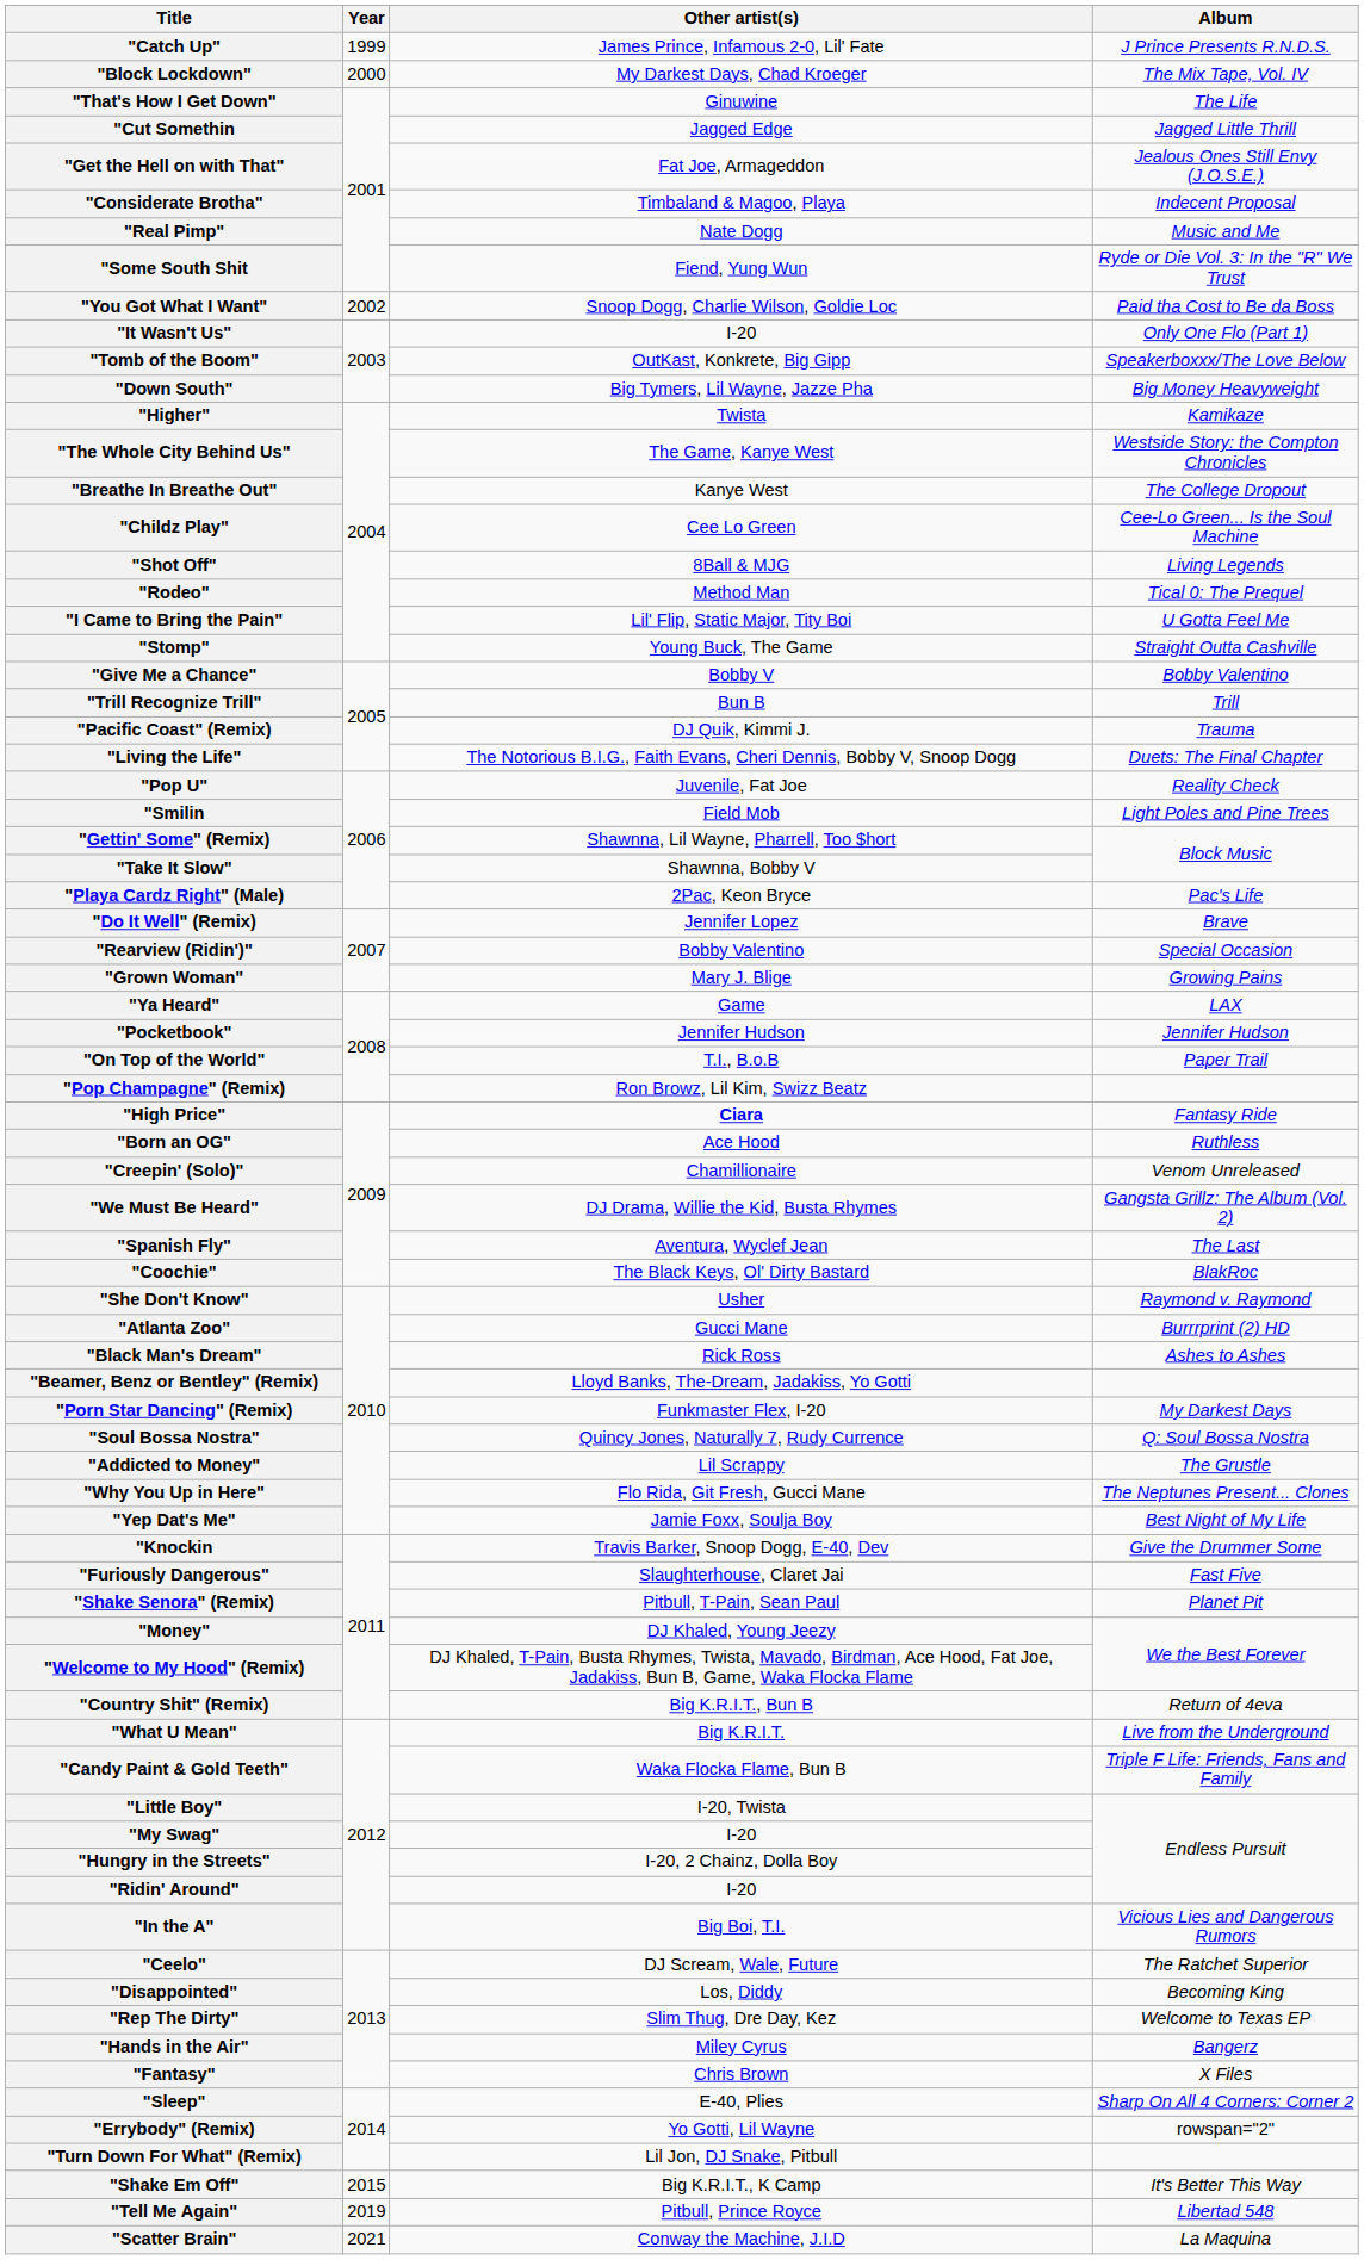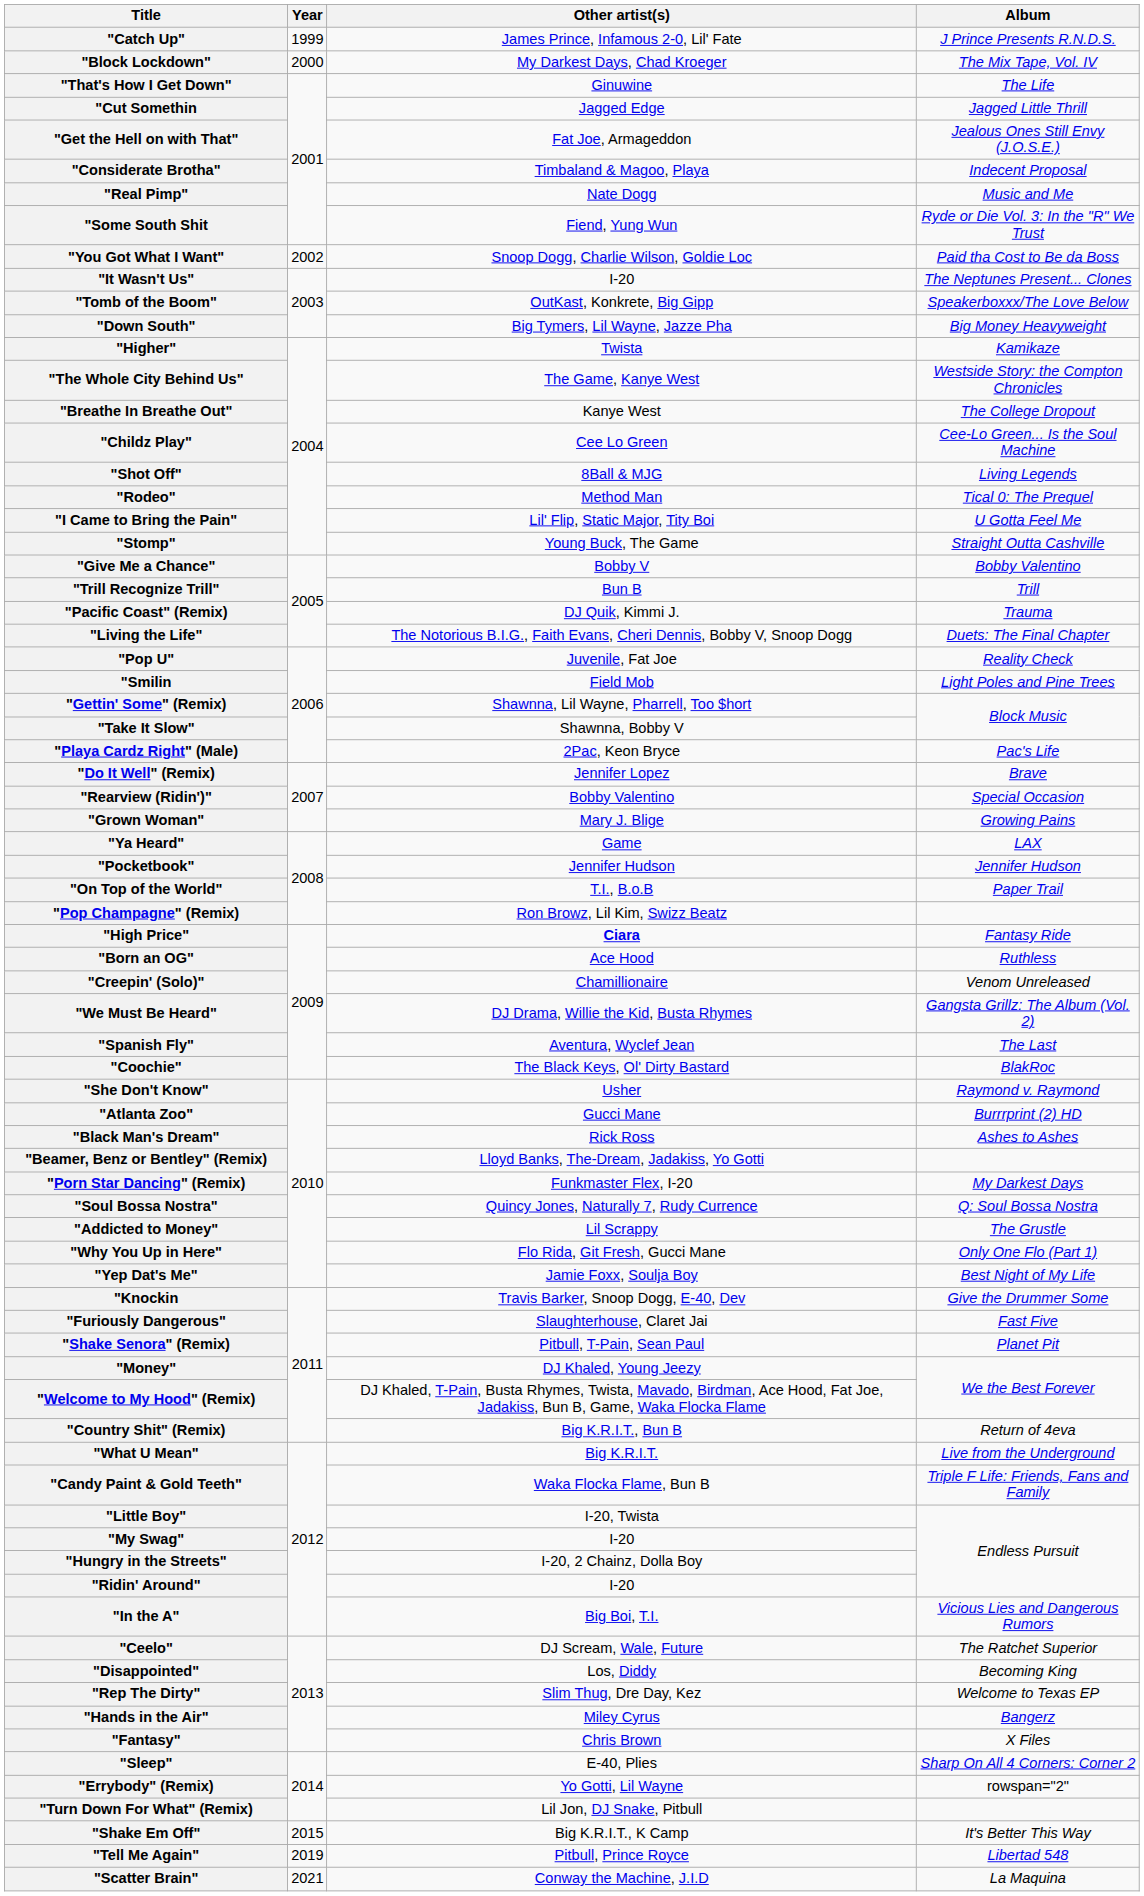 <table class="wikitable plainrowheaders" style="text-align:center;" border="1">
 <tr>
 <th scope="col" style="width:19em;">Title</th>
 <th scope="col">Year</th>
 <th scope="col">Other artist(s)</th>
 <th scope="col">Album</th>
 </tr>
 <tr>
 <th scope="row">"Catch Up"</th>
 <td>1999</td>
 <td><a href='#'>James Prince</a>, <a href='#'>Infamous 2-0</a>, Lil' Fate</td>
 <td><em><a href='#'>J Prince Presents R.N.D.S.</a></em></td>
 </tr>
 <tr>
 <th scope="row">"Block Lockdown"</th>
 <td>2000</td>
 <td><a href='#'>My Darkest Days</a>, <a href='#'>Chad Kroeger</a></td>
 <td><em><a href='#'>The Mix Tape, Vol. IV</a></em></td>
 </tr>
 <tr>
 <th scope="row">"That's How I Get Down"</th>
 <td rowspan="6">2001</td>
 <td><a href='#'>Ginuwine</a></td>
 <td><em><a href='#'>The Life</a></em></td>
 </tr>
 <tr>
 <th scope="row">"Cut Somethin</th>
 <td><a href='#'>Jagged Edge</a></td>
 <td><em><a href='#'>Jagged Little Thrill</a></em></td>
 </tr>
 <tr>
 <th scope="row">"Get the Hell on with That"</th>
 <td><a href='#'>Fat Joe</a>, Armageddon</td>
 <td><em><a href='#'>Jealous Ones Still Envy (J.O.S.E.)</a></em></td>
 </tr>
 <tr>
 <th scope="row">"Considerate Brotha"</th>
 <td><a href='#'>Timbaland & Magoo</a>, <a href='#'>Playa</a></td>
 <td><em><a href='#'>Indecent Proposal</a></em></td>
 </tr>
 <tr>
 <th scope="row">"Real Pimp"</th>
 <td><a href='#'>Nate Dogg</a></td>
 <td><em><a href='#'>Music and Me</a></em></td>
 </tr>
 <tr>
 <th scope="row">"Some South Shit</th>
 <td><a href='#'>Fiend</a>, <a href='#'>Yung Wun</a></td>
 <td><em><a href='#'>Ryde or Die Vol. 3: In the "R" We Trust</a></em></td>
 </tr>
 <tr>
 <th scope="row">"You Got What I Want"</th>
 <td>2002</td>
 <td><a href='#'>Snoop Dogg</a>, <a href='#'>Charlie Wilson</a>, <a href='#'>Goldie Loc</a></td>
 <td><em><a href='#'>Paid tha Cost to Be da Boss</a></em></td>
 </tr>
 <tr>
 <th scope="row">"It Wasn't Us"</th>
 <td rowspan="3">2003</td>
 <td>I-20</td>
-<td><em><a href='#'>Only One Flo (Part 1)</a></em></td>
+<td><em><a href='#'>The Neptunes Present... Clones</a></em></td>
 </tr>
 <tr>
 <th scope="row">"Tomb of the Boom"</th>
 <td><a href='#'>OutKast</a>, Konkrete, <a href='#'>Big Gipp</a></td>
 <td><em><a href='#'>Speakerboxxx/The Love Below</a></em></td>
 </tr>
 <tr>
 <th scope="row">"Down South"</th>
 <td><a href='#'>Big Tymers</a>, <a href='#'>Lil Wayne</a>, <a href='#'>Jazze Pha</a></td>
 <td><em><a href='#'>Big Money Heavyweight</a></em></td>
 </tr>
 <tr>
 <th scope="row">"Higher"</th>
 <td rowspan="8">2004</td>
 <td><a href='#'>Twista</a></td>
 <td><em><a href='#'>Kamikaze</a></em></td>
 </tr>
 <tr>
 <th scope="row">"The Whole City Behind Us"</th>
 <td><a href='#'>The Game</a>, <a href='#'>Kanye West</a></td>
 <td><em><a href='#'>Westside Story: the Compton Chronicles</a></em></td>
 </tr>
 <tr>
 <th scope="row">"Breathe In Breathe Out"</th>
 <td>Kanye West</td>
 <td><em><a href='#'>The College Dropout</a></em></td>
 </tr>
 <tr>
 <th scope="row">"Childz Play"</th>
 <td><a href='#'>Cee Lo Green</a></td>
 <td><em><a href='#'>Cee-Lo Green... Is the Soul Machine</a></em></td>
 </tr>
 <tr>
 <th scope="row">"Shot Off"</th>
 <td><a href='#'>8Ball & MJG</a></td>
 <td><em><a href='#'>Living Legends</a></em></td>
 </tr>
 <tr>
 <th scope="row">"Rodeo"</th>
 <td><a href='#'>Method Man</a></td>
 <td><em><a href='#'>Tical 0: The Prequel</a></em></td>
 </tr>
 <tr>
 <th scope="row">"I Came to Bring the Pain"</th>
 <td><a href='#'>Lil' Flip</a>, <a href='#'>Static Major</a>, <a href='#'>Tity Boi</a></td>
 <td><em><a href='#'>U Gotta Feel Me</a></em></td>
 </tr>
 <tr>
 <th scope="row">"Stomp"</th>
 <td><a href='#'>Young Buck</a>, The Game</td>
 <td><em><a href='#'>Straight Outta Cashville</a></em></td>
 </tr>
 <tr>
 <th scope="row">"Give Me a Chance"</th>
 <td rowspan="4">2005</td>
 <td><a href='#'>Bobby V</a></td>
 <td><em><a href='#'>Bobby Valentino</a></em></td>
 </tr>
 <tr>
 <th scope="row">"Trill Recognize Trill"</th>
 <td><a href='#'>Bun B</a></td>
 <td><em><a href='#'>Trill</a></em></td>
 </tr>
 <tr>
 <th scope="row">"Pacific Coast" (Remix)</th>
 <td><a href='#'>DJ Quik</a>, Kimmi J.</td>
 <td><em><a href='#'>Trauma</a></em></td>
 </tr>
 <tr>
 <th scope="row">"Living the Life"</th>
 <td><a href='#'>The Notorious B.I.G.</a>, <a href='#'>Faith Evans</a>, <a href='#'>Cheri Dennis</a>, Bobby V, Snoop Dogg</td>
 <td><em><a href='#'>Duets: The Final Chapter</a></em></td>
 </tr>
 <tr>
 <th scope="row">"Pop U"</th>
 <td rowspan="5">2006</td>
 <td><a href='#'>Juvenile</a>, Fat Joe</td>
 <td><em><a href='#'>Reality Check</a></em></td>
 </tr>
 <tr>
 <th scope="row">"Smilin</th>
 <td><a href='#'>Field Mob</a></td>
 <td><em><a href='#'>Light Poles and Pine Trees</a></em></td>
 </tr>
 <tr>
 <th scope="row">"<a href='#'>Gettin' Some</a>" (Remix)</th>
 <td><a href='#'>Shawnna</a>, Lil Wayne, <a href='#'>Pharrell</a>, <a href='#'>Too $hort</a></td>
 <td rowspan="2"><em><a href='#'>Block Music</a></em></td>
 </tr>
 <tr>
 <th scope="row">"Take It Slow"</th>
 <td>Shawnna, Bobby V</td>
 </tr>
 <tr>
 <th scope="row">"<a href='#'>Playa Cardz Right</a>" (Male)</th>
 <td><a href='#'>2Pac</a>, Keon Bryce</td>
 <td><em><a href='#'>Pac's Life</a></em></td>
 </tr>
 <tr>
 <th scope="row">"<a href='#'>Do It Well</a>" (Remix)</th>
 <td rowspan="3">2007</td>
 <td><a href='#'>Jennifer Lopez</a></td>
 <td><em><a href='#'>Brave</a></em></td>
 </tr>
 <tr>
 <th scope="row">"Rearview (Ridin')"</th>
 <td><a href='#'>Bobby Valentino</a></td>
 <td><em><a href='#'>Special Occasion</a></em></td>
 </tr>
 <tr>
 <th scope="row">"Grown Woman"</th>
 <td><a href='#'>Mary J. Blige</a></td>
 <td><em><a href='#'>Growing Pains</a></em></td>
 </tr>
 <tr>
 <th scope="row">"Ya Heard"</th>
 <td rowspan="4">2008</td>
 <td><a href='#'>Game</a></td>
 <td><em><a href='#'>LAX</a></em></td>
 </tr>
 <tr>
 <th scope="row">"Pocketbook"</th>
 <td><a href='#'>Jennifer Hudson</a></td>
 <td><em><a href='#'>Jennifer Hudson</a></em></td>
 </tr>
 <tr>
 <th scope="row">"On Top of the World"</th>
 <td><a href='#'>T.I.</a>, <a href='#'>B.o.B</a></td>
 <td><em><a href='#'>Paper Trail</a></em></td>
 </tr>
 <tr>
 <th scope="row">"<a href='#'>Pop Champagne</a>" (Remix)</th>
 <td><a href='#'>Ron Browz</a>, Lil Kim, <a href='#'>Swizz Beatz</a></td>
 <td></td>
 </tr>
 <tr>
 <th scope="row">"High Price"</th>
 <td rowspan="6">2009</td>
 <td><strong><a href='#'>Ciara</a></strong></td>
 <td><em><a href='#'>Fantasy Ride</a></em></td>
 </tr>
 <tr>
 <th scope="row">"Born an OG"</th>
 <td><a href='#'>Ace Hood</a></td>
 <td><em><a href='#'>Ruthless</a></em></td>
 </tr>
 <tr>
 <th scope="row">"Creepin' (Solo)"</th>
 <td><a href='#'>Chamillionaire</a></td>
 <td><em>Venom Unreleased</em></td>
 </tr>
 <tr>
 <th scope="row">"We Must Be Heard"</th>
 <td><a href='#'>DJ Drama</a>, <a href='#'>Willie the Kid</a>, <a href='#'>Busta Rhymes</a></td>
 <td><em><a href='#'>Gangsta Grillz: The Album (Vol. 2)</a></em></td>
 </tr>
 <tr>
 <th scope="row">"Spanish Fly"</th>
 <td><a href='#'>Aventura</a>, <a href='#'>Wyclef Jean</a></td>
 <td><em><a href='#'>The Last</a></em></td>
 </tr>
 <tr>
 <th scope="row">"Coochie"</th>
 <td><a href='#'>The Black Keys</a>, <a href='#'>Ol' Dirty Bastard</a></td>
 <td><em><a href='#'>BlakRoc</a></em></td>
 </tr>
 <tr>
 <th scope="row">"She Don't Know"</th>
 <td rowspan="9">2010</td>
 <td><a href='#'>Usher</a></td>
 <td><em><a href='#'>Raymond v. Raymond</a></em></td>
 </tr>
 <tr>
 <th scope="row">"Atlanta Zoo"</th>
 <td><a href='#'>Gucci Mane</a></td>
 <td><em><a href='#'>Burrrprint (2) HD</a></em></td>
 </tr>
 <tr>
 <th scope="row">"Black Man's Dream"</th>
 <td><a href='#'>Rick Ross</a></td>
 <td><em><a href='#'>Ashes to Ashes</a></em></td>
 </tr>
 <tr>
 <th scope="row">"Beamer, Benz or Bentley" (Remix)</th>
 <td><a href='#'>Lloyd Banks</a>, <a href='#'>The-Dream</a>, <a href='#'>Jadakiss</a>, <a href='#'>Yo Gotti</a></td>
 <td></td>
 </tr>
 <tr>
 <th scope="row">"<a href='#'>Porn Star Dancing</a>" (Remix)</th>
 <td><a href='#'>Funkmaster Flex</a>, I-20</td>
 <td><em><a href='#'>My Darkest Days</a></em></td>
 </tr>
 <tr>
 <th scope="row">"Soul Bossa Nostra"</th>
 <td><a href='#'>Quincy Jones</a>, <a href='#'>Naturally 7</a>, <a href='#'>Rudy Currence</a></td>
 <td><em><a href='#'>Q: Soul Bossa Nostra</a></em></td>
 </tr>
 <tr>
 <th scope="row">"Addicted to Money"</th>
 <td><a href='#'>Lil Scrappy</a></td>
 <td><em><a href='#'>The Grustle</a></em></td>
 </tr>
 <tr>
 <th scope="row">"Why You Up in Here"</th>
 <td><a href='#'>Flo Rida</a>, <a href='#'>Git Fresh</a>, Gucci Mane</td>
-<td><em><a href='#'>The Neptunes Present... Clones</a></em></td>
+<td><em><a href='#'>Only One Flo (Part 1)</a></em></td>
 </tr>
 <tr>
 <th scope="row">"Yep Dat's Me"</th>
 <td><a href='#'>Jamie Foxx</a>, <a href='#'>Soulja Boy</a></td>
 <td><em><a href='#'>Best Night of My Life</a></em></td>
 </tr>
 <tr>
 <th scope="row">"Knockin</th>
 <td rowspan="6">2011</td>
 <td><a href='#'>Travis Barker</a>, Snoop Dogg, <a href='#'>E-40</a>, <a href='#'>Dev</a></td>
 <td><em><a href='#'>Give the Drummer Some</a></em></td>
 </tr>
 <tr>
 <th scope="row">"Furiously Dangerous"</th>
 <td><a href='#'>Slaughterhouse</a>, Claret Jai</td>
 <td><em><a href='#'>Fast Five</a></em></td>
 </tr>
 <tr>
 <th scope="row">"<a href='#'>Shake Senora</a>" (Remix)</th>
 <td><a href='#'>Pitbull</a>, <a href='#'>T-Pain</a>, <a href='#'>Sean Paul</a></td>
 <td><em><a href='#'>Planet Pit</a></em></td>
 </tr>
 <tr>
 <th scope="row">"Money"</th>
 <td><a href='#'>DJ Khaled</a>, <a href='#'>Young Jeezy</a></td>
 <td rowspan="2"><em><a href='#'>We the Best Forever</a></em></td>
 </tr>
 <tr>
 <th scope="row">"<a href='#'>Welcome to My Hood</a>" (Remix)</th>
 <td>DJ Khaled, <a href='#'>T-Pain</a>, Busta Rhymes, Twista, <a href='#'>Mavado</a>, <a href='#'>Birdman</a>, Ace Hood, Fat Joe, <a href='#'>Jadakiss</a>, Bun B, Game, <a href='#'>Waka Flocka Flame</a></td>
 </tr>
 <tr>
 <th scope="row">"Country Shit" (Remix)</th>
 <td><a href='#'>Big K.R.I.T.</a>, <a href='#'>Bun B</a></td>
 <td><em>Return of 4eva</em></td>
 </tr>
 <tr>
 <th scope="row">"What U Mean"</th>
 <td rowspan="7">2012</td>
 <td><a href='#'>Big K.R.I.T.</a></td>
 <td><em><a href='#'>Live from the Underground</a></em></td>
 </tr>
 <tr>
 <th scope="row">"Candy Paint & Gold Teeth"</th>
 <td><a href='#'>Waka Flocka Flame</a>, Bun B</td>
 <td><em><a href='#'>Triple F Life: Friends, Fans and Family</a></em></td>
 </tr>
 <tr>
 <th scope="row">"Little Boy"</th>
 <td>I-20, Twista</td>
 <td rowspan="4"><em>Endless Pursuit</em></td>
 </tr>
 <tr>
 <th scope="row">"My Swag"</th>
 <td>I-20</td>
 </tr>
 <tr>
 <th scope="row">"Hungry in the Streets"</th>
 <td>I-20, 2 Chainz, Dolla Boy</td>
 </tr>
 <tr>
 <th scope="row">"Ridin' Around"</th>
 <td>I-20</td>
 </tr>
 <tr>
 <th scope="row">"In the A"</th>
 <td><a href='#'>Big Boi</a>, <a href='#'>T.I.</a></td>
 <td><em><a href='#'>Vicious Lies and Dangerous Rumors</a></em></td>
 </tr>
 <tr>
 <th scope="row">"Ceelo"</th>
 <td rowspan="5">2013</td>
 <td>DJ Scream, <a href='#'>Wale</a>, <a href='#'>Future</a></td>
 <td><em>The Ratchet Superior</em></td>
 </tr>
 <tr>
 <th scope="row">"Disappointed"</th>
 <td>Los, <a href='#'>Diddy</a></td>
 <td><em>Becoming King</em></td>
 </tr>
 <tr>
 <th scope="row">"Rep The Dirty"</th>
 <td><a href='#'>Slim Thug</a>, Dre Day, Kez</td>
 <td><em>Welcome to Texas EP</em></td>
 </tr>
 <tr>
 <th scope="row">"Hands in the Air"</th>
 <td><a href='#'>Miley Cyrus</a></td>
 <td><em><a href='#'>Bangerz</a></em></td>
 </tr>
 <tr>
 <th scope="row">"Fantasy"</th>
 <td><a href='#'>Chris Brown</a></td>
 <td><em>X Files</em></td>
 </tr>
 <tr>
 <th scope="row">"Sleep"</th>
 <td rowspan="3">2014</td>
 <td>E-40, Plies</td>
 <td><em><a href='#'>Sharp On All 4 Corners: Corner 2</a></em></td>
 </tr>
 <tr>
 <th scope="row">"Errybody" (Remix)</th>
 <td><a href='#'>Yo Gotti</a>, <a href='#'>Lil Wayne</a></td>
 <td>rowspan="2" </td>
 </tr>
 <tr>
 <th scope="row">"Turn Down For What" (Remix)</th>
 <td>Lil Jon, <a href='#'>DJ Snake</a>, Pitbull</td>
 </tr>
 <tr>
 <th scope="row">"Shake Em Off"</th>
 <td rowspan="1">2015</td>
 <td>Big K.R.I.T., K Camp</td>
 <td><em>It's Better This Way</em></td>
 </tr>
 <tr>
 <th scope="row">"Tell Me Again"</th>
 <td>2019</td>
 <td><a href='#'>Pitbull</a>, <a href='#'>Prince Royce</a></td>
 <td><em><a href='#'>Libertad 548</a></em></td>
 </tr>
 <tr>
 <th scope="row">"Scatter Brain"</th>
 <td>2021</td>
 <td><a href='#'>Conway the Machine</a>, <a href='#'>J.I.D</a></td>
 <td><em>La Maquina</em></td>
 </tr>
 </table>
